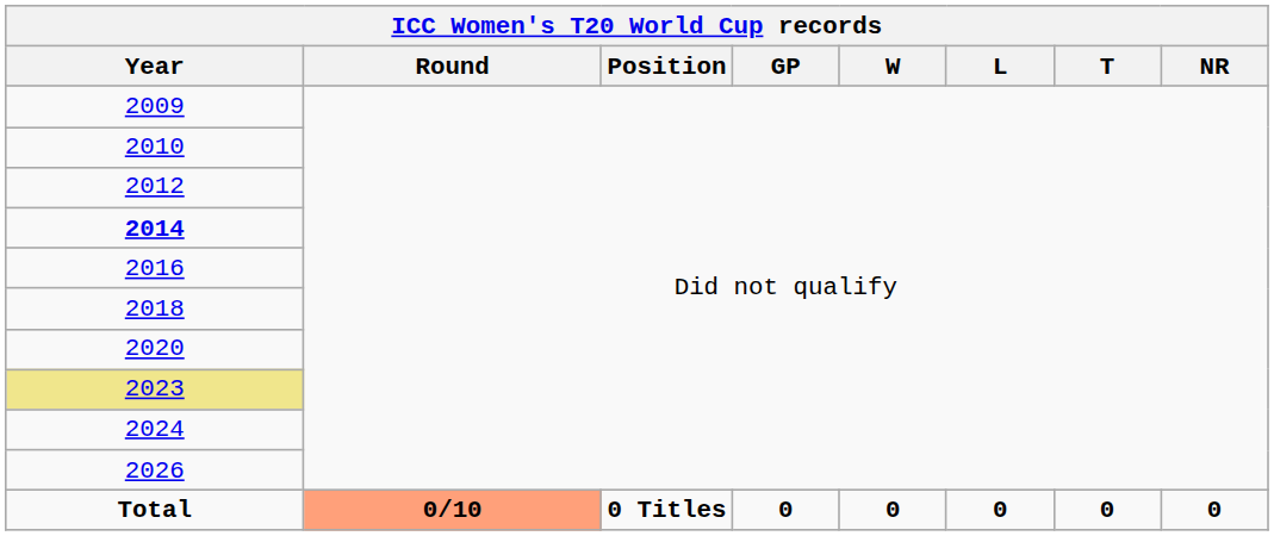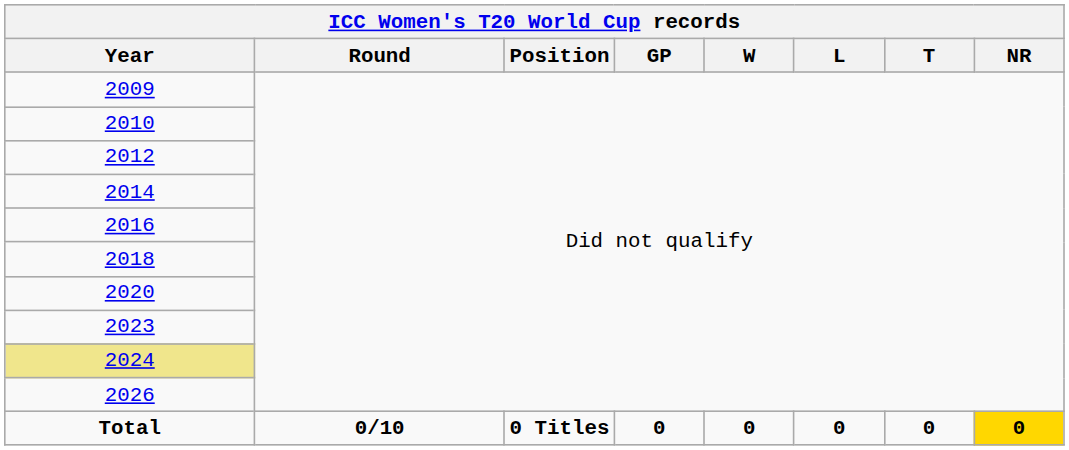 <table class="wikitable" style="text-align: center; width=900px;">
 <tr>
 <th colspan="8"><a href='#'>ICC Women's T20 World Cup</a> records</th>
 </tr>
 <tr>
 <th width=150>Year</th>
 <th width=150>Round</th>
 <th width=50>Position</th>
 <th width=50>GP</th>
 <th width=50>W</th>
 <th width=50>L</th>
 <th width=50>T</th>
 <th width=50>NR</th>
 </tr>
 <tr>
 <td> <a href='#'>2009</a></td>
 <td colspan=7  rowspan=10>Did not qualify</td>
 </tr>
 <tr>
 <td> <a href='#'>2010</a></td>
 </tr>
 <tr>
 <td> <a href='#'>2012</a></td>
 </tr>
 <tr>
-<td><strong> <a href='#'>2014</a></strong></td>
+<td> <a href='#'>2014</a></td>
 </tr>
 <tr>
 <td> <a href='#'>2016</a></td>
 </tr>
 <tr>
 <td> <a href='#'>2018</a></td>
 </tr>
 <tr>
 <td> <a href='#'>2020</a></td>
 </tr>
 <tr>
-<td style="background: khaki;"> <a href='#'>2023</a></td>
+<td> <a href='#'>2023</a></td>
 </tr>
 <tr>
-<td> <a href='#'>2024</a></td>
+<td style="background: khaki;"> <a href='#'>2024</a></td>
 </tr>
 <tr>
 <td> <a href='#'>2026</a></td>
 </tr>
 <tr>
 <td><strong>Total</strong></td>
-<td style="background: lightsalmon;"><strong>0/10</strong></td>
+<td><strong>0/10</strong></td>
 <td><strong>0 Titles</strong></td>
 <td><strong>0</strong></td>
 <td><strong>0</strong></td>
 <td><strong>0</strong></td>
 <td><strong>0</strong></td>
-<td><strong>0</strong></td>
+<td style="background: gold;"><strong>0</strong></td>
 </tr>
 </table>
